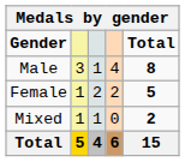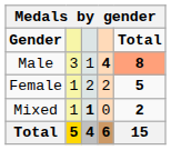 <table class="wikitable" style="font-size:85%;float:right">
 <tr style="background:#efefef;">
 <th colspan=5><strong>Medals by gender</strong></th>
 </tr>
 <tr align=center>
 <td><strong>Gender</strong></td>
 <td bgcolor=#f7f6a8></td>
 <td bgcolor=#dce5e5></td>
 <td bgcolor=#ffdab9></td>
 <td><strong>Total</strong></td>
 </tr>
 <tr align=center>
 <td>Male</td>
 <td style="background:#F7F6A8;">3</td>
 <td style="background:#DCE5E5;">1</td>
-<td style="background:#FFDAB9;">4</td>
-<td><strong>8</strong></td>
+<td style="background:#FFDAB9;"><strong>4</strong></td>
+<td style="background: lightsalmon;"><strong>8</strong></td>
 </tr>
 <tr align=center>
 <td>Female</td>
 <td style="background:#F7F6A8;">1</td>
 <td style="background:#DCE5E5;">2</td>
 <td style="background:#FFDAB9;">2</td>
 <td><strong>5</strong></td>
 </tr>
 <tr align=center>
 <td>Mixed</td>
 <td style="background:#F7F6A8;">1</td>
-<td style="background:#DCE5E5;">1</td>
+<td style="background:#DCE5E5;"><strong>1</strong></td>
 <td style="background:#FFDAB9;">0</td>
 <td><strong>2</strong></td>
 </tr>
 <tr align=center>
 <th><strong>Total</strong></th>
 <th style="background:gold;"><strong>5</strong></th>
 <th style="background:silver;"><strong>4</strong></th>
 <th style="background:#c96;"><strong>6</strong></th>
 <th><strong>15</strong></th>
 </tr>
 </table>
